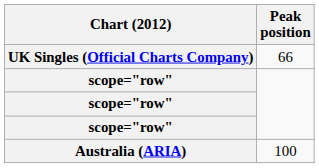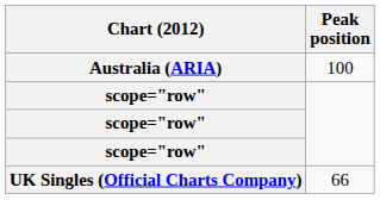 <table class="wikitable sortable plainrowheaders">
 <tr>
 <th scope="col">Chart (2012)</th>
 <th scope="col">Peak<br>position</th>
 </tr>
 <tr>
-<th scope="row">UK Singles (<a href='#'>Official Charts Company</a>)</th>
-<td align="center">66</td>
+<th scope="row">Australia (<a href='#'>ARIA</a>)</th>
+<td align="center">100</td>
 </tr>
 <tr>
 <th>scope="row"</th>
 </tr>
 <tr>
 <th>scope="row"</th>
 </tr>
 <tr>
 <th>scope="row"</th>
 </tr>
 <tr>
-<th scope="row">Australia (<a href='#'>ARIA</a>)</th>
-<td align="center">100</td>
+<th scope="row">UK Singles (<a href='#'>Official Charts Company</a>)</th>
+<td align="center">66</td>
 </tr>
 </table>
